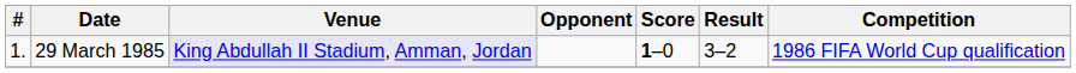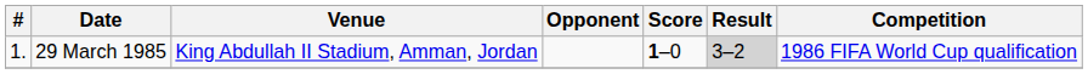 <table class="wikitable">
 <tr>
 <th>#</th>
 <th>Date</th>
 <th>Venue</th>
 <th>Opponent</th>
 <th>Score</th>
 <th>Result</th>
 <th>Competition</th>
 </tr>
 <tr>
 <td>1.</td>
 <td>29 March 1985</td>
-<td style="background: lavender;"><a href='#'>King Abdullah II Stadium</a>, <a href='#'>Amman</a>, <a href='#'>Jordan</a></td>
+<td><a href='#'>King Abdullah II Stadium</a>, <a href='#'>Amman</a>, <a href='#'>Jordan</a></td>
 <td></td>
 <td><strong>1</strong>–0</td>
-<td>3–2</td>
+<td style="background: lightgrey;">3–2</td>
 <td><a href='#'>1986 FIFA World Cup qualification</a></td>
 </tr>
 <tr>
 </tr>
 </table>
